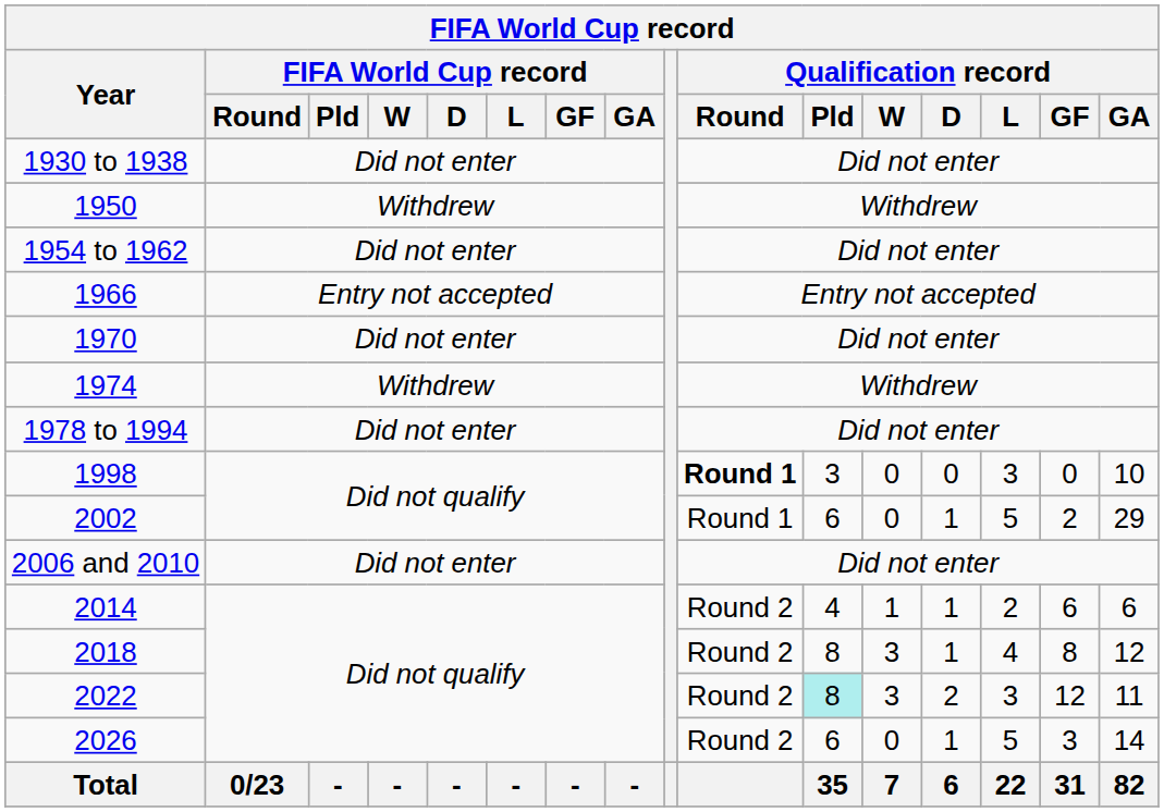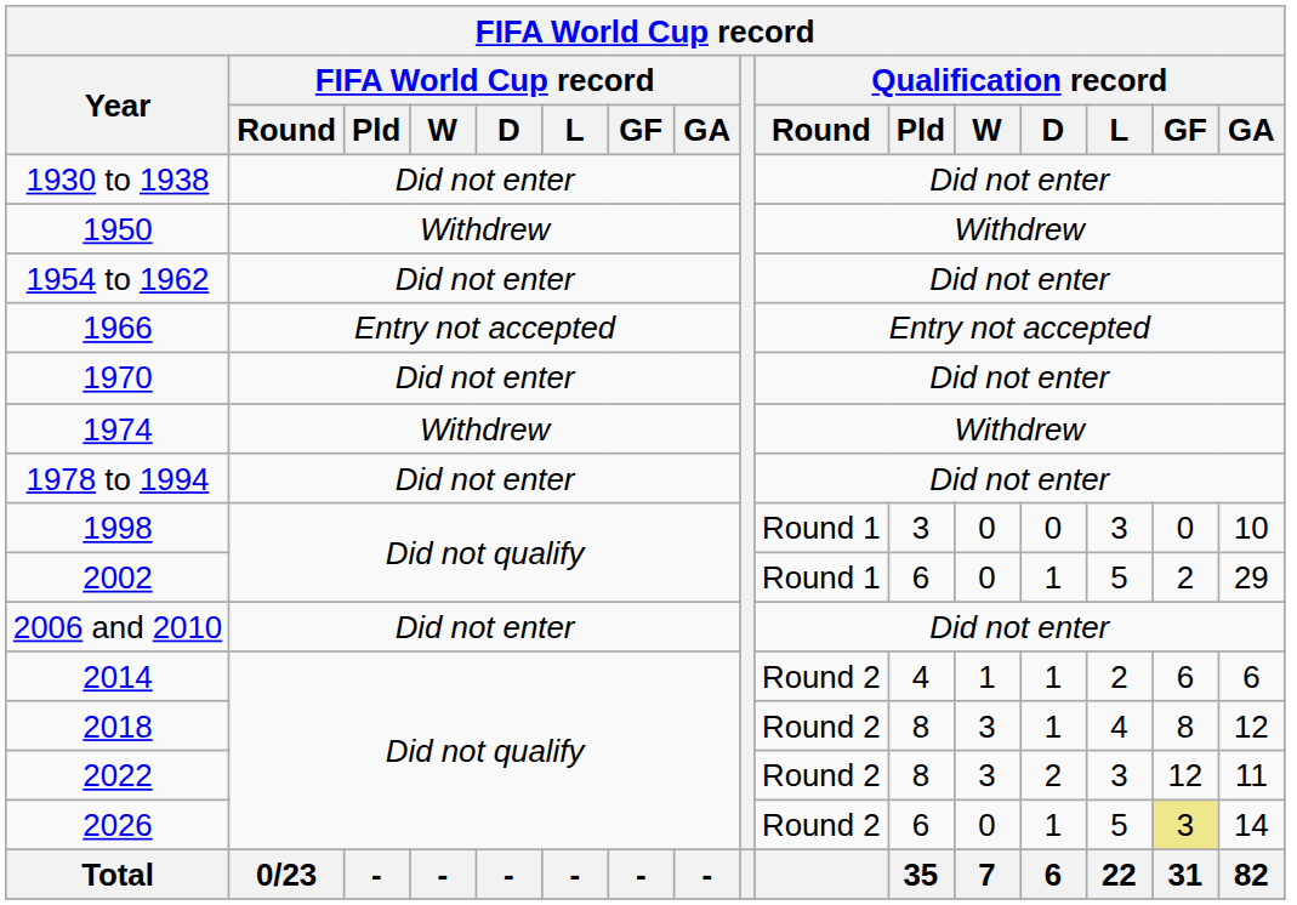 <table class="wikitable" style="text-align: center; font-size:95%">
 <tr>
 <th colspan=16><a href='#'>FIFA World Cup</a> record</th>
 </tr>
 <tr>
 <th rowspan=2>Year</th>
 <th colspan=7><a href='#'>FIFA World Cup</a> record</th>
 <th rowspan=16></th>
 <th colspan=7><a href='#'>Qualification</a> record</th>
 </tr>
 <tr>
 <th>Round</th>
 <th width=25>Pld</th>
 <th width=25>W</th>
 <th width=25>D</th>
 <th width=25>L</th>
 <th width=25>GF</th>
 <th width=25>GA</th>
 <th>Round</th>
 <th width=25>Pld</th>
 <th width=25>W</th>
 <th width=25>D</th>
 <th width=25>L</th>
 <th width=25>GF</th>
 <th width=25>GA</th>
 </tr>
 <tr>
 <td> <a href='#'>1930</a> to  <a href='#'>1938</a></td>
 <td colspan=7><em>Did not enter</em></td>
 <td colspan=7><em>Did not enter</em></td>
 </tr>
 <tr>
 <td> <a href='#'>1950</a></td>
 <td colspan=7><em>Withdrew</em></td>
 <td colspan=7><em>Withdrew</em></td>
 </tr>
 <tr>
 <td> <a href='#'>1954</a> to  <a href='#'>1962</a></td>
 <td colspan=7><em>Did not enter</em></td>
 <td colspan=7><em>Did not enter</em></td>
 </tr>
 <tr>
 <td> <a href='#'>1966</a></td>
 <td colspan=7><em>Entry not accepted</em></td>
 <td colspan=7><em>Entry not accepted</em></td>
 </tr>
 <tr>
 <td> <a href='#'>1970</a></td>
 <td colspan=7><em>Did not enter</em></td>
 <td colspan=7><em>Did not enter</em></td>
 </tr>
 <tr>
 <td> <a href='#'>1974</a></td>
 <td colspan=7><em>Withdrew</em></td>
 <td colspan=7><em>Withdrew</em></td>
 </tr>
 <tr>
 <td> <a href='#'>1978</a> to  <a href='#'>1994</a></td>
 <td colspan=7><em>Did not enter</em></td>
 <td colspan=7><em>Did not enter</em></td>
 </tr>
 <tr>
 <td> <a href='#'>1998</a></td>
 <td colspan=7 rowspan=2><em>Did not qualify</em></td>
-<td><strong>Round 1</strong></td>
+<td>Round 1</td>
 <td>3</td>
 <td>0</td>
 <td>0</td>
 <td>3</td>
 <td>0</td>
 <td>10</td>
 </tr>
 <tr>
 <td>  <a href='#'>2002</a></td>
 <td>Round 1</td>
 <td>6</td>
 <td>0</td>
 <td>1</td>
 <td>5</td>
 <td>2</td>
 <td>29</td>
 </tr>
 <tr>
 <td> <a href='#'>2006</a> and  <a href='#'>2010</a></td>
 <td colspan=7><em>Did not enter</em></td>
 <td colspan=7><em>Did not enter</em></td>
 </tr>
 <tr>
 <td> <a href='#'>2014</a></td>
 <td colspan="7" rowspan="4"><em>Did not qualify</em></td>
 <td>Round 2</td>
 <td>4</td>
 <td>1</td>
 <td>1</td>
 <td>2</td>
 <td>6</td>
 <td>6</td>
 </tr>
 <tr>
 <td> <a href='#'>2018</a></td>
 <td>Round 2</td>
 <td>8</td>
 <td>3</td>
 <td>1</td>
 <td>4</td>
 <td>8</td>
 <td>12</td>
 </tr>
 <tr>
 <td> <a href='#'>2022</a></td>
 <td>Round 2</td>
-<td style="background: paleturquoise;">8</td>
+<td>8</td>
 <td>3</td>
 <td>2</td>
 <td>3</td>
 <td>12</td>
 <td>11</td>
 </tr>
 <tr>
 <td>    <a href='#'>2026</a></td>
 <td>Round 2</td>
 <td>6</td>
 <td>0</td>
 <td>1</td>
 <td>5</td>
-<td>3</td>
+<td style="background: khaki;">3</td>
 <td>14</td>
 </tr>
 <tr>
 <th><strong>Total</strong></th>
 <th><strong>0/23</strong></th>
 <th><strong>-</strong></th>
 <th><strong>-</strong></th>
 <th><strong>-</strong></th>
 <th><strong>-</strong></th>
 <th><strong>-</strong></th>
 <th><strong>-</strong></th>
 <th></th>
 <th></th>
 <th>35</th>
 <th><strong>7</strong></th>
 <th>6</th>
 <th>22</th>
 <th>31</th>
 <th>82</th>
 </tr>
 </table>
